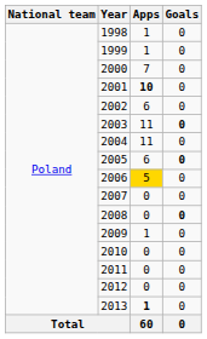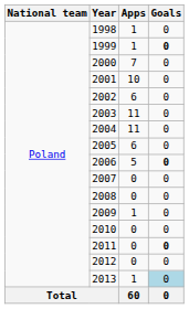 <table class="wikitable" style="text-align:center">
 <tr>
 <th>National team</th>
 <th>Year</th>
 <th>Apps</th>
 <th>Goals</th>
 </tr>
 <tr>
 <td rowspan="16"><a href='#'>Poland</a></td>
 <td>1998</td>
 <td>1</td>
 <td>0</td>
 </tr>
 <tr>
 <td>1999</td>
 <td>1</td>
-<td>0</td>
+<td><strong>0</strong></td>
 </tr>
 <tr>
 <td>2000</td>
 <td>7</td>
 <td>0</td>
 </tr>
 <tr>
 <td>2001</td>
-<td><strong>10</strong></td>
+<td>10</td>
 <td>0</td>
 </tr>
 <tr>
 <td>2002</td>
 <td>6</td>
 <td>0</td>
 </tr>
 <tr>
 <td>2003</td>
 <td>11</td>
-<td><strong>0</strong></td>
+<td>0</td>
 </tr>
 <tr>
 <td>2004</td>
 <td>11</td>
 <td>0</td>
 </tr>
 <tr>
 <td>2005</td>
 <td>6</td>
-<td><strong>0</strong></td>
+<td>0</td>
 </tr>
 <tr>
 <td>2006</td>
-<td style="background: gold;">5</td>
-<td>0</td>
+<td>5</td>
+<td><strong>0</strong></td>
 </tr>
 <tr>
 <td>2007</td>
 <td>0</td>
 <td>0</td>
 </tr>
 <tr>
 <td>2008</td>
 <td>0</td>
-<td><strong>0</strong></td>
+<td>0</td>
 </tr>
 <tr>
 <td>2009</td>
 <td>1</td>
 <td>0</td>
 </tr>
 <tr>
 <td>2010</td>
 <td>0</td>
 <td>0</td>
 </tr>
 <tr>
 <td>2011</td>
 <td>0</td>
-<td>0</td>
+<td><strong>0</strong></td>
 </tr>
 <tr>
 <td>2012</td>
 <td>0</td>
 <td>0</td>
 </tr>
 <tr>
 <td>2013</td>
-<td><strong>1</strong></td>
-<td>0</td>
+<td>1</td>
+<td style="background: lightblue;">0</td>
 </tr>
 <tr>
 <th colspan="2">Total</th>
 <th>60</th>
 <th>0</th>
 </tr>
 </table>
